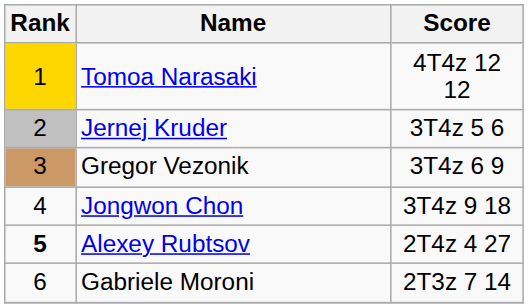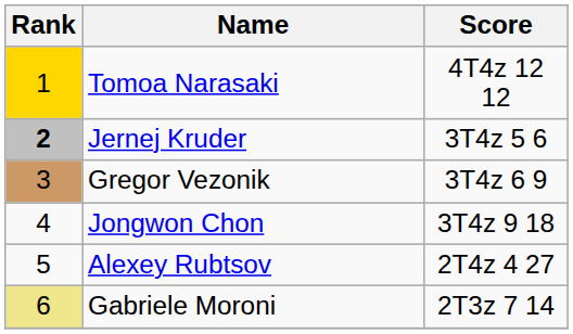 <table class="wikitable">
 <tr>
 <th>Rank</th>
 <th width = "200">Name</th>
 <th width = "80">Score</th>
 </tr>
 <tr>
 <td align="center" style="background: gold">1</td>
 <td> <a href='#'>Tomoa Narasaki</a></td>
 <td align="center">4T4z 12 12</td>
 </tr>
 <tr>
-<td align="center" style="background: silver">2</td>
+<td align="center" style="background: silver"><strong>2</strong></td>
 <td> <a href='#'>Jernej Kruder</a></td>
 <td align="center">3T4z 5 6</td>
 </tr>
 <tr>
 <td align="center" style="background: #cc9966">3</td>
 <td> Gregor Vezonik</td>
 <td align="center">3T4z 6 9</td>
 </tr>
 <tr>
 <td align="center">4</td>
 <td> <a href='#'>Jongwon Chon</a></td>
 <td align="center">3T4z 9 18</td>
 </tr>
 <tr>
-<td align="center"><strong>5</strong></td>
+<td align="center">5</td>
 <td> <a href='#'>Alexey Rubtsov</a></td>
 <td align="center">2T4z 4 27</td>
 </tr>
 <tr>
-<td align="center">6</td>
+<td align="center" style="background: khaki;">6</td>
 <td> Gabriele Moroni</td>
 <td align="center">2T3z 7 14</td>
 </tr>
 <tr>
 </tr>
 </table>
